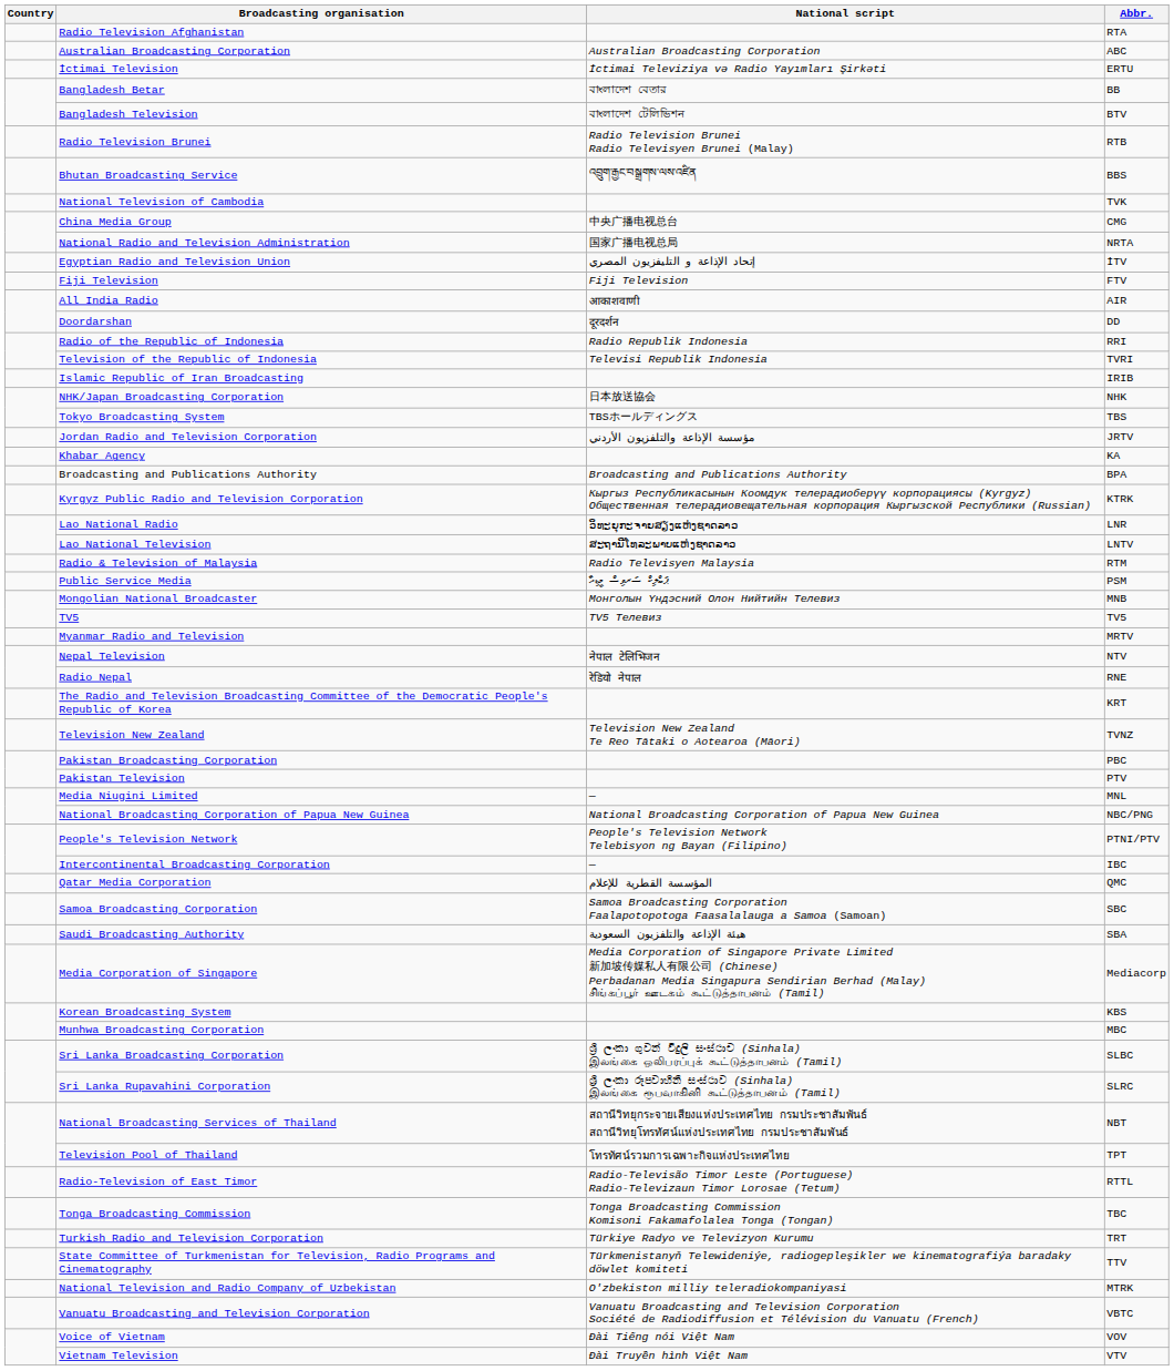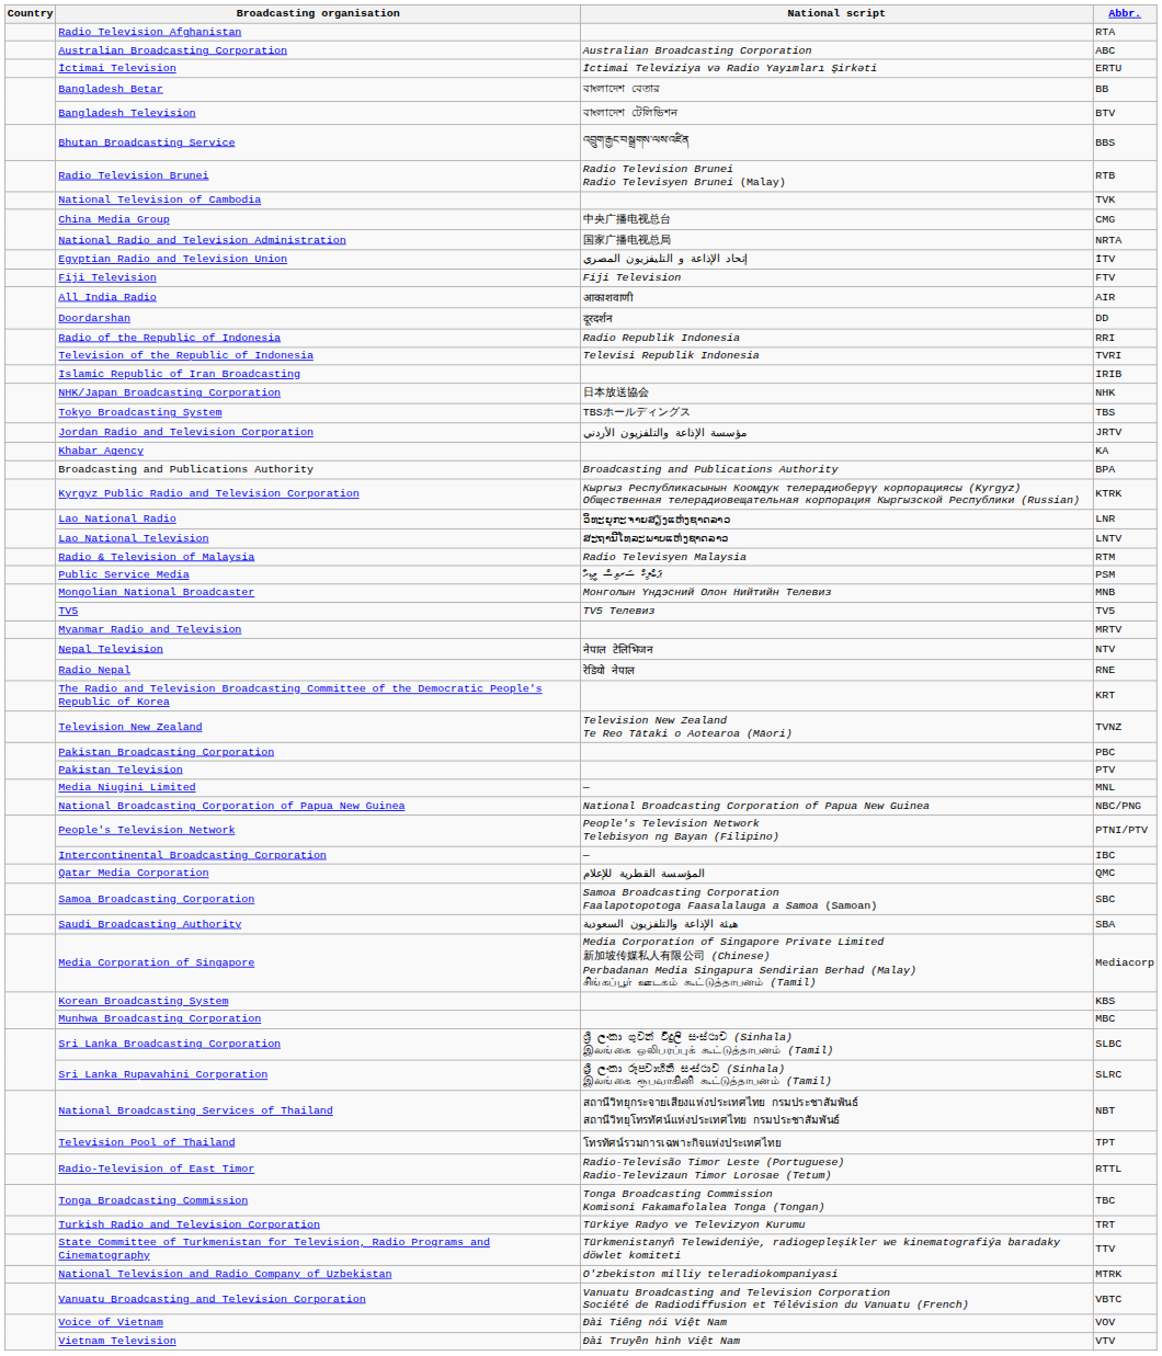 <table class="wikitable sortable" style="font-size:91%;">
 <tr>
 <th>Country</th>
 <th>Broadcasting organisation</th>
 <th>National script</th>
 <th><a href='#'>Abbr.</a></th>
 </tr>
 <tr>
 <td></td>
 <td><a href='#'>Radio Television Afghanistan</a></td>
 <td></td>
 <td>RTA</td>
 </tr>
 <tr>
 <td></td>
 <td><a href='#'>Australian Broadcasting Corporation</a></td>
 <td><em>Australian Broadcasting Corporation</em></td>
 <td>ABC</td>
 </tr>
 <tr>
 <td></td>
 <td><a href='#'>İctimai Television</a></td>
 <td><em>İctimai Televiziya və Radio Yayımları Şirkəti</em></td>
 <td>ERTU</td>
 </tr>
 <tr>
 <td rowspan="2"></td>
 <td><a href='#'>Bangladesh Betar</a></td>
 <td>বাংলাদেশ বেতার</td>
 <td>BB</td>
 </tr>
 <tr>
 <td><a href='#'>Bangladesh Television</a></td>
 <td>বাংলাদেশ টেলিভিশন</td>
 <td>BTV</td>
 </tr>
 <tr>
 <td></td>
+<td><a href='#'>Bhutan Broadcasting Service</a></td>
+<td>འབྲུག་རྒྱང་བསྒྲགས་ལས་འཛིན</td>
+<td>BBS</td>
+</tr>
+<tr>
+<td></td>
 <td><a href='#'>Radio Television Brunei</a></td>
 <td><em>Radio Television Brunei</em><br><em>Radio Televisyen Brunei</em> (Malay)</td>
 <td>RTB</td>
-</tr>
-<tr>
-<td></td>
-<td><a href='#'>Bhutan Broadcasting Service</a></td>
-<td>འབྲུག་རྒྱང་བསྒྲགས་ལས་འཛིན</td>
-<td>BBS</td>
 </tr>
 <tr>
 <td></td>
 <td><a href='#'>National Television of Cambodia</a></td>
 <td></td>
 <td>TVK</td>
 </tr>
 <tr>
 <td rowspan="2"></td>
 <td><a href='#'>China Media Group</a></td>
 <td>中央广播电视总台</td>
 <td>CMG</td>
 </tr>
 <tr>
 <td><a href='#'>National Radio and Television Administration</a></td>
 <td>国家广播电视总局</td>
 <td>NRTA</td>
 </tr>
 <tr>
 <td></td>
 <td><a href='#'>Egyptian Radio and Television Union</a></td>
 <td>إتحاد الإذاعة و التليفزيون المصري</td>
 <td>İTV</td>
 </tr>
 <tr>
 <td></td>
 <td><a href='#'>Fiji Television</a></td>
 <td><em>Fiji Television</em></td>
 <td>FTV</td>
 </tr>
 <tr>
 <td rowspan="2"></td>
 <td><a href='#'>All India Radio</a></td>
 <td>आकाशवाणी</td>
 <td>AIR</td>
 </tr>
 <tr>
 <td><a href='#'>Doordarshan</a></td>
 <td>दूरदर्शन</td>
 <td>DD</td>
 </tr>
 <tr>
 <td rowspan="2"></td>
 <td><a href='#'>Radio of the Republic of Indonesia</a></td>
 <td><em>Radio Republik Indonesia</em></td>
 <td>RRI</td>
 </tr>
 <tr>
 <td><a href='#'>Television of the Republic of Indonesia</a></td>
 <td><em>Televisi Republik Indonesia</em></td>
 <td>TVRI</td>
 </tr>
 <tr>
 <td></td>
 <td><a href='#'>Islamic Republic of Iran Broadcasting</a></td>
 <td></td>
 <td>IRIB</td>
 </tr>
 <tr>
 <td rowspan="2"></td>
 <td><a href='#'>NHK/Japan Broadcasting Corporation</a></td>
 <td>日本放送協会</td>
 <td>NHK</td>
 </tr>
 <tr>
 <td><a href='#'>Tokyo Broadcasting System</a></td>
 <td>TBSホールディングス</td>
 <td>TBS</td>
 </tr>
 <tr>
 <td></td>
 <td><a href='#'>Jordan Radio and Television Corporation</a></td>
 <td>مؤسسة الإذاعة والتلفزيون الأردني</td>
 <td>JRTV</td>
 </tr>
 <tr>
 <td></td>
 <td><a href='#'>Khabar Agency</a></td>
 <td><em></em></td>
 <td>KA</td>
 </tr>
 <tr>
 <td></td>
 <td>Broadcasting and Publications Authority</td>
 <td><em>Broadcasting and Publications Authority</em></td>
 <td>BPA</td>
 </tr>
 <tr>
 <td></td>
 <td><a href='#'>Kyrgyz Public Radio and Television Corporation</a></td>
 <td><em>Кыргыз Республикасынын Коомдук телерадиоберүү корпорациясы (Kyrgyz)</em><br><em>Общественная телерадиовещательная корпорация Кыргызской Республики (Russian)</em></td>
 <td>KTRK</td>
 </tr>
 <tr>
 <td rowspan="2"></td>
 <td><a href='#'>Lao National Radio</a></td>
 <td>ວິທະຍຸກະຈາຍສຽງແຫ່ງຊາດລາວ</td>
 <td>LNR</td>
 </tr>
 <tr>
 <td><a href='#'>Lao National Television</a></td>
 <td>ສະຖານີໂທລະພາບແຫ່ງຊາດລາວ</td>
 <td>LNTV</td>
 </tr>
 <tr>
 <td></td>
 <td><a href='#'>Radio & Television of Malaysia</a></td>
 <td><em>Radio Televisyen Malaysia</em></td>
 <td>RTM</td>
 </tr>
 <tr>
 <td></td>
 <td><a href='#'>Public Service Media</a></td>
 <td>ޕަބްލިކް ސަރވިސް މީޑިއާ</td>
 <td>PSM</td>
 </tr>
 <tr>
 <td rowspan="2"></td>
 <td><a href='#'>Mongolian National Broadcaster</a></td>
 <td><em>Монголын Үндэсний Олон Нийтийн Телевиз</em></td>
 <td>MNB</td>
 </tr>
 <tr>
 <td><a href='#'>TV5</a></td>
 <td><em>TV5 Телевиз</em></td>
 <td>TV5</td>
 </tr>
 <tr>
 <td></td>
 <td><a href='#'>Myanmar Radio and Television</a></td>
 <td></td>
 <td>MRTV</td>
 </tr>
 <tr>
 <td rowspan="2"></td>
 <td><a href='#'>Nepal Television</a></td>
 <td>नेपाल टेलिभिजन</td>
 <td>NTV</td>
 </tr>
 <tr>
 <td><a href='#'>Radio Nepal</a></td>
 <td>रेडियो नेपाल</td>
 <td>RNE</td>
 </tr>
 <tr>
 <td></td>
 <td><a href='#'>The Radio and Television Broadcasting Committee of the Democratic People's Republic of Korea</a></td>
 <td></td>
 <td>KRT</td>
 </tr>
 <tr>
 <td></td>
 <td><a href='#'>Television New Zealand</a></td>
 <td><em>Television New Zealand</em><br><em>Te Reo Tātaki o Aotearoa (Māori)</em></td>
 <td>TVNZ</td>
 </tr>
 <tr>
 <td rowspan="2"></td>
 <td><a href='#'>Pakistan Broadcasting Corporation</a></td>
 <td></td>
 <td>PBC</td>
 </tr>
 <tr>
 <td><a href='#'>Pakistan Television</a></td>
 <td></td>
 <td>PTV</td>
 </tr>
 <tr>
 <td rowspan="2"></td>
 <td><a href='#'>Media Niugini Limited</a></td>
 <td>—</td>
 <td>MNL</td>
 </tr>
 <tr>
 <td><a href='#'>National Broadcasting Corporation of Papua New Guinea</a></td>
 <td><em>National Broadcasting Corporation of Papua New Guinea</em></td>
 <td>NBC/PNG</td>
 </tr>
 <tr>
 <td rowspan="2"></td>
 <td><a href='#'>People's Television Network</a></td>
 <td><em>People's Television Network</em><br><em>Telebisyon ng Bayan (Filipino)</em></td>
 <td>PTNI/PTV</td>
 </tr>
 <tr>
 <td><a href='#'>Intercontinental Broadcasting Corporation</a></td>
 <td>—</td>
 <td>IBC</td>
 </tr>
 <tr>
 <td></td>
 <td><a href='#'>Qatar Media Corporation</a></td>
 <td>المؤسسة القطرية للإعلام</td>
 <td>QMC</td>
 </tr>
 <tr>
 <td></td>
 <td><a href='#'>Samoa Broadcasting Corporation</a></td>
 <td><em>Samoa Broadcasting Corporation</em><br><em>Faalapotopotoga Faasalalauga a Samoa</em> (Samoan)</td>
 <td>SBC</td>
 </tr>
 <tr>
 <td></td>
 <td><a href='#'>Saudi Broadcasting Authority</a></td>
 <td>هيئة الإذاعة والتلفزيون السعودية</td>
 <td>SBA</td>
 </tr>
 <tr>
 <td></td>
 <td><a href='#'>Media Corporation of Singapore</a></td>
 <td><em>Media Corporation of Singapore Private Limited</em><br>新加坡传媒私人有限公司 <em>(Chinese)</em><br><em>Perbadanan Media Singapura Sendirian Berhad (Malay)</em><br>சிங்கப்பூர் ஊடகம் கூட்டுத்தாபனம் <em>(Tamil)</em></td>
 <td>Mediacorp</td>
 </tr>
 <tr>
 <td rowspan="2"></td>
 <td><a href='#'>Korean Broadcasting System</a></td>
 <td></td>
 <td>KBS</td>
 </tr>
 <tr>
 <td><a href='#'>Munhwa Broadcasting Corporation</a></td>
 <td></td>
 <td>MBC</td>
 </tr>
 <tr>
 <td rowspan="2"></td>
 <td><a href='#'>Sri Lanka Broadcasting Corporation</a></td>
 <td>ශ්‍රී ලංකා ගුවන් විදුලි සංස්ථාච <em>(Sinhala)</em><br>இலங்கை ஒலிபரப்புக் கூட்டுத்தாபனம் <em>(Tamil)</em></td>
 <td>SLBC</td>
 </tr>
 <tr>
 <td><a href='#'>Sri Lanka Rupavahini Corporation</a></td>
 <td>ශ්‍රී ලංකා රූපවාහිනී සංස්ථාව <em>(Sinhala)</em><br>இலங்கை ரூபவாகினி கூட்டுத்தாபனம் <em>(Tamil)</em></td>
 <td>SLRC</td>
 </tr>
 <tr>
 <td rowspan="2"></td>
 <td><a href='#'>National Broadcasting Services of Thailand</a></td>
 <td>สถานีวิทยุกระจายเสียงแห่งประเทศไทย กรมประชาสัมพันธ์<br>สถานีวิทยุโทรทัศน์แห่งประเทศไทย กรมประชาสัมพันธ์</td>
 <td>NBT</td>
 </tr>
 <tr>
 <td><a href='#'>Television Pool of Thailand</a></td>
 <td>โทรทัศน์รวมการเฉพาะกิจแห่งประเทศไทย</td>
 <td>TPT</td>
 </tr>
 <tr>
 <td></td>
 <td><a href='#'>Radio-Television of East Timor</a></td>
 <td><em>Radio-Televisão Timor Leste (Portuguese)</em><br><em>Radio-Televizaun Timor Lorosae (Tetum)</em></td>
 <td>RTTL</td>
 </tr>
 <tr>
 <td></td>
 <td><a href='#'>Tonga Broadcasting Commission</a></td>
 <td><em>Tonga Broadcasting Commission</em><br><em>Komisoni Fakamafolalea Tonga (Tongan)</em></td>
 <td>TBC</td>
 </tr>
 <tr>
 <td></td>
 <td><a href='#'>Turkish Radio and Television Corporation</a></td>
 <td><em>Türkiye Radyo ve Televizyon Kurumu</em></td>
 <td>TRT</td>
 </tr>
 <tr>
 <td></td>
 <td><a href='#'>State Committee of Turkmenistan for Television, Radio Programs and Cinematography</a></td>
 <td><em>Türkmenistanyň Telewideniýe, radiogepleşikler we kinematografiýa baradaky döwlet komiteti</em></td>
 <td>TTV</td>
 </tr>
 <tr>
 <td></td>
 <td><a href='#'>National Television and Radio Company of Uzbekistan</a></td>
 <td><em>O'zbekiston milliy teleradiokompaniyasi</em></td>
 <td>MTRK</td>
 </tr>
 <tr>
 <td></td>
 <td><a href='#'>Vanuatu Broadcasting and Television Corporation</a></td>
 <td><em>Vanuatu Broadcasting and Television Corporation</em><br><em>Société de Radiodiffusion et Télévision du Vanuatu (French)</em></td>
 <td>VBTC</td>
 </tr>
 <tr>
 <td rowspan="3"></td>
 <td><a href='#'>Voice of Vietnam</a></td>
 <td><em>Đài Tiếng nói Việt Nam</em></td>
 <td>VOV</td>
 </tr>
 <tr>
 <td><a href='#'>Vietnam Television</a></td>
 <td><em>Đài Truyền hình Việt Nam</em></td>
 <td>VTV</td>
 </tr>
 </table>
